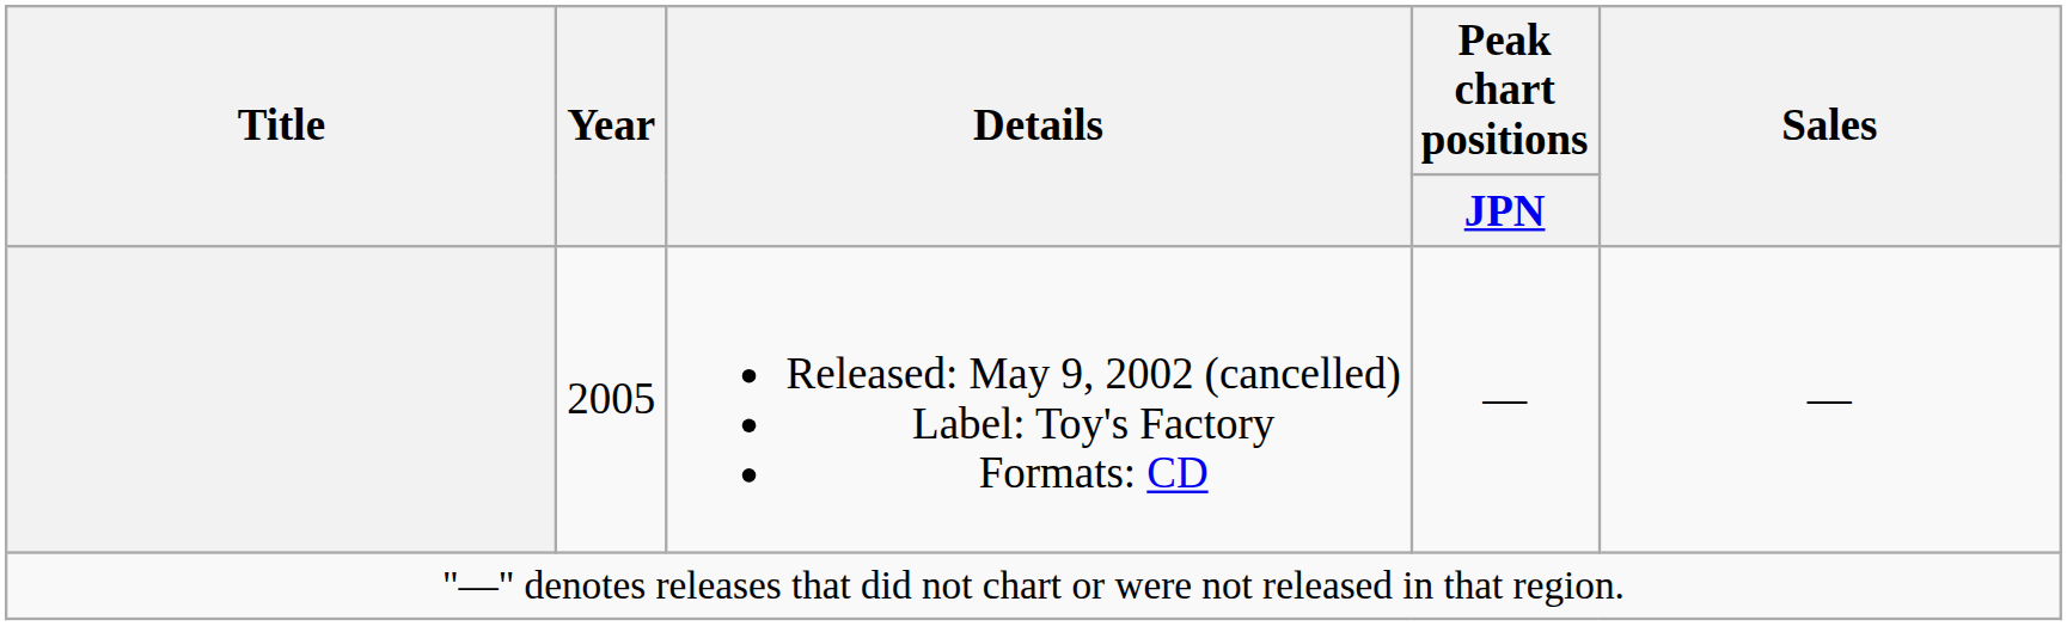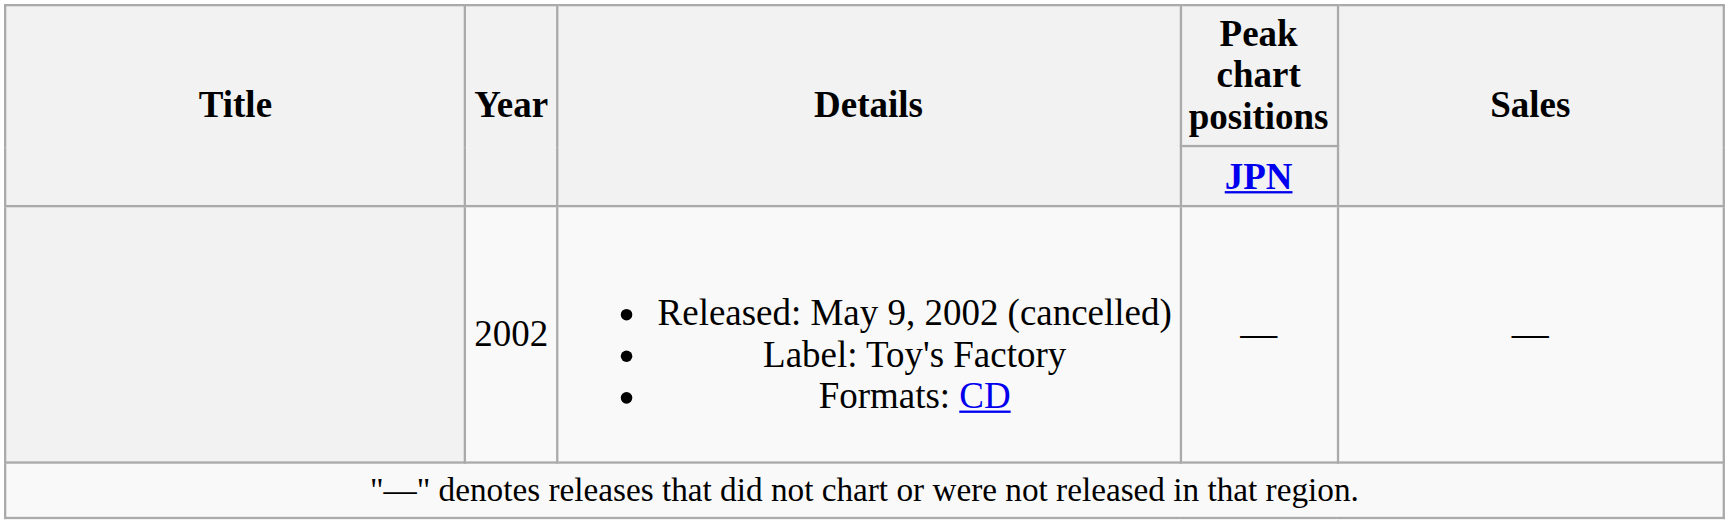 <table class="wikitable plainrowheaders" style="text-align:center;">
 <tr>
 <th rowspan="2" style="width:12em;">Title</th>
 <th rowspan="2">Year</th>
 <th rowspan="2">Details</th>
 <th colspan="1">Peak chart positions</th>
 <th rowspan="2" style="width:10em;">Sales</th>
 </tr>
 <tr>
 <th width="30"><a href='#'>JPN</a></th>
 </tr>
 <tr>
 <th scope="row"></th>
-<td>2005</td>
+<td>2002</td>
 <td><br><ul><li>Released: May 9, 2002 (cancelled)</li><li>Label: Toy's Factory</li><li>Formats: <a href='#'>CD</a></li></ul></td>
 <td>—</td>
 <td>—</td>
 </tr>
 <tr>
 <td colspan="5" style="font-size:90%;">"—" denotes releases that did not chart or were not released in that region.</td>
 </tr>
 </table>
